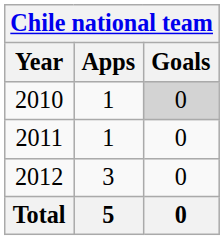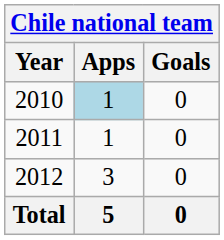 <table class="wikitable" style="text-align:center">
 <tr>
 <th colspan=3><a href='#'>Chile national team</a></th>
 </tr>
 <tr>
 <th>Year</th>
 <th>Apps</th>
 <th>Goals</th>
 </tr>
 <tr>
 <td>2010</td>
-<td>1</td>
-<td style="background: lightgrey;">0</td>
+<td style="background: lightblue;">1</td>
+<td>0</td>
 </tr>
 <tr>
 <td>2011</td>
 <td>1</td>
 <td>0</td>
 </tr>
 <tr>
 <td>2012</td>
 <td>3</td>
 <td>0</td>
 </tr>
 <tr>
 <th>Total</th>
 <th>5</th>
 <th>0</th>
 </tr>
 </table>
